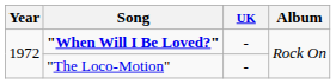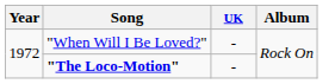 <table class="wikitable">
 <tr>
 <th>Year</th>
 <th>Song</th>
 <th width="40"><small><a href='#'>UK</a></small></th>
 <th>Album</th>
 </tr>
 <tr>
 <td rowspan="2">1972</td>
-<td><strong>"<a href='#'>When Will I Be Loved?</a>"</strong></td>
+<td>"<a href='#'>When Will I Be Loved?</a>"</td>
 <td style="text-align:center;">-</td>
 <td rowspan="2"><em>Rock On</em></td>
 </tr>
 <tr>
-<td>"<a href='#'>The Loco-Motion</a>"</td>
+<td><strong>"<a href='#'>The Loco-Motion</a>"</strong></td>
 <td style="text-align:center;">-</td>
 </tr>
 </table>
